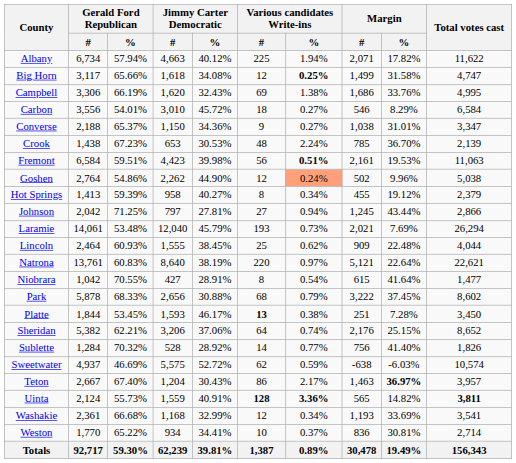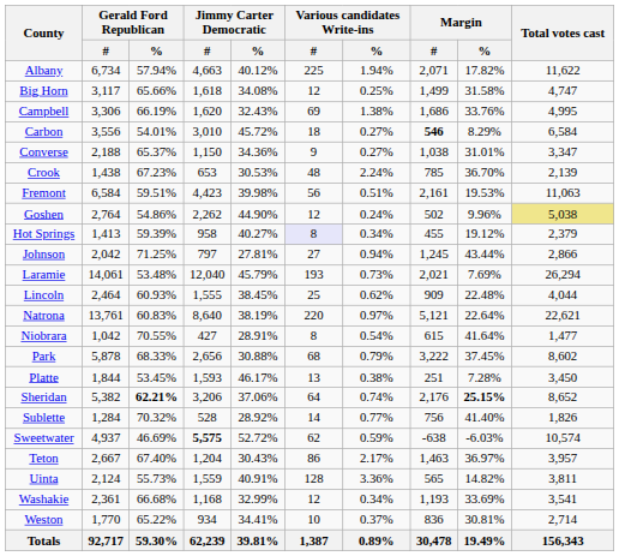 <table width="60%"  class="wikitable sortable" style="text-align:center">
 <tr>
 <th style="text-align:center;" rowspan="2">County</th>
 <th style="text-align:center;" colspan="2">Gerald Ford<br>Republican</th>
 <th style="text-align:center;" colspan="2">Jimmy Carter <br>Democratic</th>
 <th style="text-align:center;" colspan="2">Various candidates<br>Write-ins</th>
 <th style="text-align:center;" colspan="2">Margin</th>
 <th style="text-align:center;" rowspan="2">Total votes cast</th>
 </tr>
 <tr>
 <th style="text-align:center;" data-sort-type="number">#</th>
 <th style="text-align:center;" data-sort-type="number">%</th>
 <th style="text-align:center;" data-sort-type="number">#</th>
 <th style="text-align:center;" data-sort-type="number">%</th>
 <th style="text-align:center;" data-sort-type="number">#</th>
 <th style="text-align:center;" data-sort-type="number">%</th>
 <th style="text-align:center;" data-sort-type="number">#</th>
 <th style="text-align:center;" data-sort-type="number">%</th>
 </tr>
 <tr style="text-align:center;">
 <td><a href='#'>Albany</a></td>
 <td>6,734</td>
 <td>57.94%</td>
 <td>4,663</td>
 <td>40.12%</td>
 <td>225</td>
 <td>1.94%</td>
 <td>2,071</td>
 <td>17.82%</td>
 <td>11,622</td>
 </tr>
 <tr style="text-align:center;">
 <td><a href='#'>Big Horn</a></td>
 <td>3,117</td>
 <td>65.66%</td>
 <td>1,618</td>
 <td>34.08%</td>
 <td>12</td>
-<td><strong>0.25%</strong></td>
+<td>0.25%</td>
 <td>1,499</td>
 <td>31.58%</td>
 <td>4,747</td>
 </tr>
 <tr style="text-align:center;">
 <td><a href='#'>Campbell</a></td>
 <td>3,306</td>
 <td>66.19%</td>
 <td>1,620</td>
 <td>32.43%</td>
 <td>69</td>
 <td>1.38%</td>
 <td>1,686</td>
 <td>33.76%</td>
 <td>4,995</td>
 </tr>
 <tr style="text-align:center;">
 <td><a href='#'>Carbon</a></td>
 <td>3,556</td>
 <td>54.01%</td>
 <td>3,010</td>
 <td>45.72%</td>
 <td>18</td>
 <td>0.27%</td>
-<td>546</td>
+<td><strong>546</strong></td>
 <td>8.29%</td>
 <td>6,584</td>
 </tr>
 <tr style="text-align:center;">
 <td><a href='#'>Converse</a></td>
 <td>2,188</td>
 <td>65.37%</td>
 <td>1,150</td>
 <td>34.36%</td>
 <td>9</td>
 <td>0.27%</td>
 <td>1,038</td>
 <td>31.01%</td>
 <td>3,347</td>
 </tr>
 <tr style="text-align:center;">
 <td><a href='#'>Crook</a></td>
 <td>1,438</td>
 <td>67.23%</td>
 <td>653</td>
 <td>30.53%</td>
 <td>48</td>
 <td>2.24%</td>
 <td>785</td>
 <td>36.70%</td>
 <td>2,139</td>
 </tr>
 <tr style="text-align:center;">
 <td><a href='#'>Fremont</a></td>
 <td>6,584</td>
 <td>59.51%</td>
 <td>4,423</td>
 <td>39.98%</td>
 <td>56</td>
-<td><strong>0.51%</strong></td>
+<td>0.51%</td>
 <td>2,161</td>
 <td>19.53%</td>
 <td>11,063</td>
 </tr>
 <tr style="text-align:center;">
 <td><a href='#'>Goshen</a></td>
 <td>2,764</td>
 <td>54.86%</td>
 <td>2,262</td>
 <td>44.90%</td>
 <td>12</td>
-<td style="background: lightsalmon;">0.24%</td>
+<td>0.24%</td>
 <td>502</td>
 <td>9.96%</td>
-<td>5,038</td>
+<td style="background: khaki;">5,038</td>
 </tr>
 <tr style="text-align:center;">
 <td><a href='#'>Hot Springs</a></td>
 <td>1,413</td>
 <td>59.39%</td>
 <td>958</td>
 <td>40.27%</td>
-<td>8</td>
+<td style="background: lavender;">8</td>
 <td>0.34%</td>
 <td>455</td>
 <td>19.12%</td>
 <td>2,379</td>
 </tr>
 <tr style="text-align:center;">
 <td><a href='#'>Johnson</a></td>
 <td>2,042</td>
 <td>71.25%</td>
 <td>797</td>
 <td>27.81%</td>
 <td>27</td>
 <td>0.94%</td>
 <td>1,245</td>
 <td>43.44%</td>
 <td>2,866</td>
 </tr>
 <tr style="text-align:center;">
 <td><a href='#'>Laramie</a></td>
 <td>14,061</td>
 <td>53.48%</td>
 <td>12,040</td>
 <td>45.79%</td>
 <td>193</td>
 <td>0.73%</td>
 <td>2,021</td>
 <td>7.69%</td>
 <td>26,294</td>
 </tr>
 <tr style="text-align:center;">
 <td><a href='#'>Lincoln</a></td>
 <td>2,464</td>
 <td>60.93%</td>
 <td>1,555</td>
 <td>38.45%</td>
 <td>25</td>
 <td>0.62%</td>
 <td>909</td>
 <td>22.48%</td>
 <td>4,044</td>
 </tr>
 <tr style="text-align:center;">
 <td><a href='#'>Natrona</a></td>
 <td>13,761</td>
 <td>60.83%</td>
 <td>8,640</td>
 <td>38.19%</td>
 <td>220</td>
 <td>0.97%</td>
 <td>5,121</td>
 <td>22.64%</td>
 <td>22,621</td>
 </tr>
 <tr style="text-align:center;">
 <td><a href='#'>Niobrara</a></td>
 <td>1,042</td>
 <td>70.55%</td>
 <td>427</td>
 <td>28.91%</td>
 <td>8</td>
 <td>0.54%</td>
 <td>615</td>
 <td>41.64%</td>
 <td>1,477</td>
 </tr>
 <tr style="text-align:center;">
 <td><a href='#'>Park</a></td>
 <td>5,878</td>
 <td>68.33%</td>
 <td>2,656</td>
 <td>30.88%</td>
 <td>68</td>
 <td>0.79%</td>
 <td>3,222</td>
 <td>37.45%</td>
 <td>8,602</td>
 </tr>
 <tr style="text-align:center;">
 <td><a href='#'>Platte</a></td>
 <td>1,844</td>
 <td>53.45%</td>
 <td>1,593</td>
 <td>46.17%</td>
-<td><strong>13</strong></td>
+<td>13</td>
 <td>0.38%</td>
 <td>251</td>
 <td>7.28%</td>
 <td>3,450</td>
 </tr>
 <tr style="text-align:center;">
 <td><a href='#'>Sheridan</a></td>
 <td>5,382</td>
-<td>62.21%</td>
+<td><strong>62.21%</strong></td>
 <td>3,206</td>
 <td>37.06%</td>
 <td>64</td>
 <td>0.74%</td>
 <td>2,176</td>
-<td>25.15%</td>
+<td><strong>25.15%</strong></td>
 <td>8,652</td>
 </tr>
 <tr style="text-align:center;">
 <td><a href='#'>Sublette</a></td>
 <td>1,284</td>
 <td>70.32%</td>
 <td>528</td>
 <td>28.92%</td>
 <td>14</td>
 <td>0.77%</td>
 <td>756</td>
 <td>41.40%</td>
 <td>1,826</td>
 </tr>
 <tr style="text-align:center;">
 <td><a href='#'>Sweetwater</a></td>
 <td>4,937</td>
 <td>46.69%</td>
-<td>5,575</td>
+<td><strong>5,575</strong></td>
 <td>52.72%</td>
 <td>62</td>
 <td>0.59%</td>
 <td>-638</td>
 <td>-6.03%</td>
 <td>10,574</td>
 </tr>
 <tr style="text-align:center;">
 <td><a href='#'>Teton</a></td>
 <td>2,667</td>
 <td>67.40%</td>
 <td>1,204</td>
 <td>30.43%</td>
 <td>86</td>
 <td>2.17%</td>
 <td>1,463</td>
-<td><strong>36.97%</strong></td>
+<td>36.97%</td>
 <td>3,957</td>
 </tr>
 <tr style="text-align:center;">
 <td><a href='#'>Uinta</a></td>
 <td>2,124</td>
 <td>55.73%</td>
 <td>1,559</td>
 <td>40.91%</td>
-<td><strong>128</strong></td>
-<td><strong>3.36%</strong></td>
+<td>128</td>
+<td>3.36%</td>
 <td>565</td>
 <td>14.82%</td>
-<td><strong>3,811</strong></td>
+<td>3,811</td>
 </tr>
 <tr style="text-align:center;">
 <td><a href='#'>Washakie</a></td>
 <td>2,361</td>
 <td>66.68%</td>
 <td>1,168</td>
 <td>32.99%</td>
 <td>12</td>
 <td>0.34%</td>
 <td>1,193</td>
 <td>33.69%</td>
 <td>3,541</td>
 </tr>
 <tr style="text-align:center;">
 <td><a href='#'>Weston</a></td>
 <td>1,770</td>
 <td>65.22%</td>
 <td>934</td>
 <td>34.41%</td>
 <td>10</td>
 <td>0.37%</td>
 <td>836</td>
 <td>30.81%</td>
 <td>2,714</td>
 </tr>
 <tr style="text-align:center;">
 <th>Totals</th>
 <th>92,717</th>
 <th>59.30%</th>
 <th>62,239</th>
 <th>39.81%</th>
 <th>1,387</th>
 <th>0.89%</th>
 <th>30,478</th>
 <th>19.49%</th>
 <th>156,343</th>
 </tr>
 </table>
